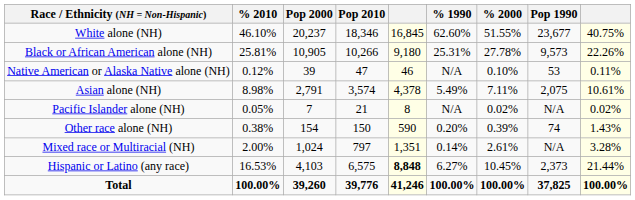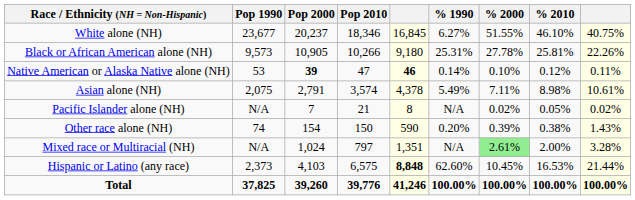 <table class="wikitable" style="text-align:center;">
 <tr>
 <th>Race / Ethnicity <small>(<em>NH = Non-Hispanic</em>)</small></th>
-<th>% 2010</th>
+<th>Pop 1990</th>
 <th>Pop 2000</th>
 <th>Pop 2010</th>
 <th></th>
 <th>% 1990</th>
 <th>% 2000</th>
-<th>Pop 1990</th>
+<th>% 2010</th>
 <th></th>
 </tr>
 <tr>
 <td><a href='#'>White</a> alone (NH)</td>
-<td>46.10%</td>
+<td>23,677</td>
 <td>20,237</td>
 <td>18,346</td>
 <td style='background: #ffffe6;'>16,845</td>
-<td>62.60%</td>
+<td>6.27%</td>
 <td>51.55%</td>
-<td>23,677</td>
+<td>46.10%</td>
 <td style='background: #ffffe6;'>40.75%</td>
 </tr>
 <tr>
 <td><a href='#'>Black or African American</a> alone (NH)</td>
-<td>25.81%</td>
+<td>9,573</td>
 <td>10,905</td>
 <td>10,266</td>
 <td style='background: #ffffe6;'>9,180</td>
 <td>25.31%</td>
 <td>27.78%</td>
-<td>9,573</td>
+<td>25.81%</td>
 <td style='background: #ffffe6;'>22.26%</td>
 </tr>
 <tr>
 <td><a href='#'>Native American</a> or <a href='#'>Alaska Native</a> alone (NH)</td>
+<td>53</td>
+<td><strong>39</strong></td>
+<td>47</td>
+<td style='background: #ffffe6;'><strong>46</strong></td>
+<td>0.14%</td>
+<td>0.10%</td>
 <td>0.12%</td>
-<td>39</td>
-<td>47</td>
-<td style='background: #ffffe6;'>46</td>
-<td>N/A</td>
-<td>0.10%</td>
-<td>53</td>
 <td style='background: #ffffe6;'>0.11%</td>
 </tr>
 <tr>
 <td><a href='#'>Asian</a> alone (NH)</td>
-<td>8.98%</td>
+<td>2,075</td>
 <td>2,791</td>
 <td>3,574</td>
 <td style='background: #ffffe6;'>4,378</td>
 <td>5.49%</td>
 <td>7.11%</td>
-<td>2,075</td>
+<td>8.98%</td>
 <td style='background: #ffffe6;'>10.61%</td>
 </tr>
 <tr>
 <td><a href='#'>Pacific Islander</a> alone (NH)</td>
-<td>0.05%</td>
+<td>N/A</td>
 <td>7</td>
 <td>21</td>
 <td style='background: #ffffe6;'>8</td>
 <td>N/A</td>
 <td>0.02%</td>
-<td>N/A</td>
+<td>0.05%</td>
 <td style='background: #ffffe6;'>0.02%</td>
 </tr>
 <tr>
 <td><a href='#'>Other race</a> alone (NH)</td>
-<td>0.38%</td>
+<td>74</td>
 <td>154</td>
 <td>150</td>
 <td style='background: #ffffe6;'>590</td>
 <td>0.20%</td>
 <td>0.39%</td>
-<td>74</td>
+<td>0.38%</td>
 <td style='background: #ffffe6;'>1.43%</td>
 </tr>
 <tr>
 <td><a href='#'>Mixed race or Multiracial</a> (NH)</td>
-<td>2.00%</td>
+<td>N/A</td>
 <td>1,024</td>
 <td>797</td>
 <td style='background: #ffffe6;'>1,351</td>
-<td>0.14%</td>
-<td>2.61%</td>
 <td>N/A</td>
+<td style="background: lightgreen;">2.61%</td>
+<td>2.00%</td>
 <td style='background: #ffffe6;'>3.28%</td>
 </tr>
 <tr>
 <td><a href='#'>Hispanic or Latino</a> (any race)</td>
-<td>16.53%</td>
+<td>2,373</td>
 <td>4,103</td>
 <td>6,575</td>
 <td style='background: #ffffe6;'><strong>8,848</strong></td>
-<td>6.27%</td>
+<td>62.60%</td>
 <td>10.45%</td>
-<td>2,373</td>
+<td>16.53%</td>
 <td style='background: #ffffe6;'>21.44%</td>
 </tr>
 <tr>
 <td><strong>Total</strong></td>
-<td><strong>100.00%</strong></td>
+<td><strong>37,825</strong></td>
 <td><strong>39,260</strong></td>
 <td><strong>39,776</strong></td>
 <td style='background: #ffffe6;'><strong>41,246</strong></td>
 <td><strong>100.00%</strong></td>
 <td><strong>100.00%</strong></td>
-<td><strong>37,825</strong></td>
+<td><strong>100.00%</strong></td>
 <td style='background: #ffffe6;'><strong>100.00%</strong></td>
 </tr>
 </table>
